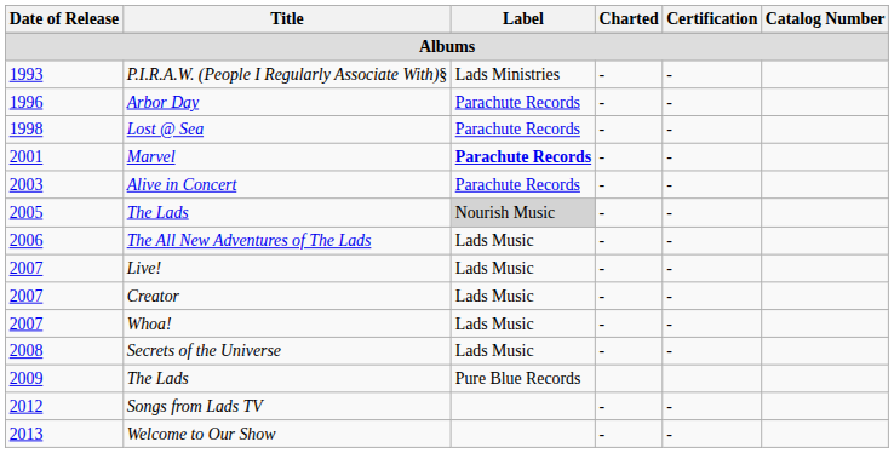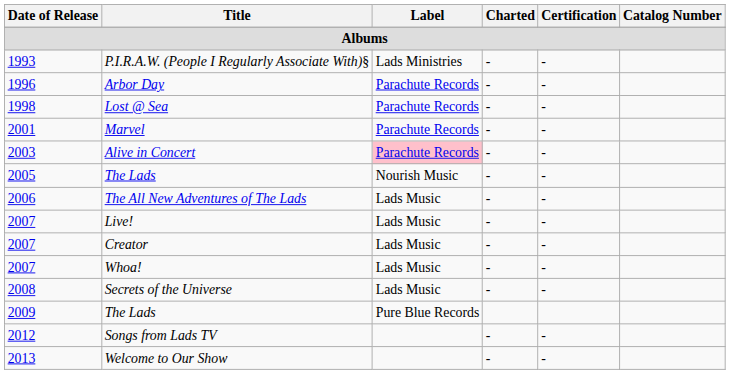 <table class="wikitable" style="font-size: 95%;">
 <tr>
 <th>Date of Release</th>
 <th>Title</th>
 <th>Label</th>
 <th>Charted</th>
 <th>Certification</th>
 <th>Catalog Number</th>
 </tr>
 <tr>
 </tr>
 <tr bgcolor="#dddddd">
 <td colspan=7 align=center><strong>Albums</strong></td>
 </tr>
 <tr>
 <td><a href='#'>1993</a></td>
 <td><em>P.I.R.A.W. (People I Regularly Associate With)</em>§</td>
 <td>Lads Ministries</td>
 <td>-</td>
 <td>-</td>
 <td></td>
 </tr>
 <tr>
 <td><a href='#'>1996</a></td>
 <td><em><a href='#'>Arbor Day</a></em></td>
 <td><a href='#'>Parachute Records</a></td>
 <td>-</td>
 <td>-</td>
 <td></td>
 </tr>
 <tr>
 <td><a href='#'>1998</a></td>
 <td><em><a href='#'>Lost @ Sea</a></em></td>
 <td><a href='#'>Parachute Records</a></td>
 <td>-</td>
 <td>-</td>
 <td></td>
 </tr>
 <tr>
 <td><a href='#'>2001</a></td>
 <td><em><a href='#'>Marvel</a></em></td>
-<td><strong><a href='#'>Parachute Records</a></strong></td>
+<td><a href='#'>Parachute Records</a></td>
 <td>-</td>
 <td>-</td>
 <td></td>
 </tr>
 <tr>
 <td><a href='#'>2003</a></td>
 <td><em><a href='#'>Alive in Concert</a></em></td>
-<td><a href='#'>Parachute Records</a></td>
+<td style="background: pink;"><a href='#'>Parachute Records</a></td>
 <td>-</td>
 <td>-</td>
 <td></td>
 </tr>
 <tr>
 <td><a href='#'>2005</a></td>
 <td><em><a href='#'>The Lads</a></em></td>
-<td style="background: lightgrey;">Nourish Music</td>
+<td>Nourish Music</td>
 <td>-</td>
 <td>-</td>
 <td></td>
 </tr>
 <tr>
 <td><a href='#'>2006</a></td>
 <td><em><a href='#'>The All New Adventures of The Lads</a></em></td>
 <td>Lads Music</td>
 <td>-</td>
 <td>-</td>
 <td></td>
 </tr>
 <tr>
 <td><a href='#'>2007</a></td>
 <td><em>Live!</em></td>
 <td>Lads Music</td>
 <td>-</td>
 <td>-</td>
 <td></td>
 </tr>
 <tr>
 <td><a href='#'>2007</a></td>
 <td><em>Creator</em></td>
 <td>Lads Music</td>
 <td>-</td>
 <td>-</td>
 <td></td>
 </tr>
 <tr>
 <td><a href='#'>2007</a></td>
 <td><em>Whoa!</em></td>
 <td>Lads Music</td>
 <td>-</td>
 <td>-</td>
 <td></td>
 </tr>
 <tr>
 <td><a href='#'>2008</a></td>
 <td><em>Secrets of the Universe</em></td>
 <td>Lads Music</td>
 <td>-</td>
 <td>-</td>
 <td></td>
 </tr>
 <tr>
 <td><a href='#'>2009</a></td>
 <td><em>The Lads</em></td>
 <td>Pure Blue Records</td>
 <td></td>
 <td></td>
 <td></td>
 </tr>
 <tr>
 <td><a href='#'>2012</a></td>
 <td><em>Songs from Lads TV</em></td>
 <td></td>
 <td>-</td>
 <td>-</td>
 <td></td>
 </tr>
 <tr>
 <td><a href='#'>2013</a></td>
 <td><em>Welcome to Our Show</em></td>
 <td></td>
 <td>-</td>
 <td>-</td>
 <td></td>
 </tr>
 </table>
